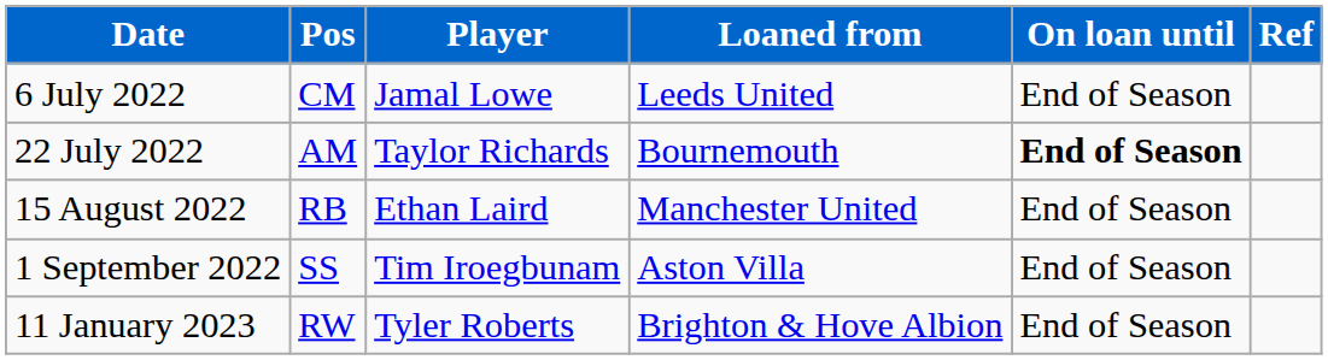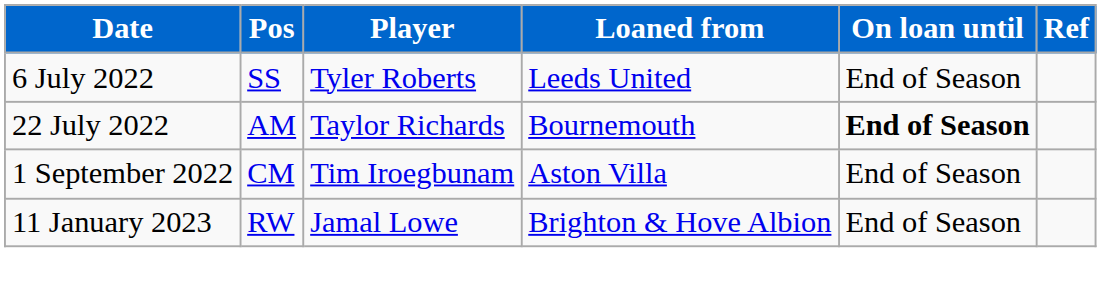 <table class="wikitable plainrowheaders sortable">
 <tr>
 <th style="background:#0066cc; color:#ffffff; ">Date</th>
 <th style="background:#0066cc; color:#ffffff; ">Pos</th>
 <th style="background:#0066cc; color:#ffffff; ">Player</th>
 <th style="background:#0066cc; color:#ffffff; ">Loaned from</th>
 <th style="background:#0066cc; color:#ffffff; ">On loan until</th>
 <th style="background:#0066cc; color:#ffffff; ">Ref</th>
 </tr>
 <tr>
 <td>6 July 2022</td>
-<td><a href='#'>CM</a></td>
-<td> <a href='#'>Jamal Lowe</a></td>
+<td><a href='#'>SS</a></td>
+<td> <a href='#'>Tyler Roberts</a></td>
 <td> <a href='#'>Leeds United</a></td>
 <td>End of Season</td>
 <td></td>
 </tr>
 <tr>
 <td>22 July 2022</td>
 <td><a href='#'>AM</a></td>
 <td> <a href='#'>Taylor Richards</a></td>
 <td> <a href='#'>Bournemouth</a></td>
 <td><strong>End of Season</strong></td>
 <td></td>
 </tr>
 <tr>
-<td>15 August 2022</td>
-<td><a href='#'>RB</a></td>
-<td> <a href='#'>Ethan Laird</a></td>
-<td> <a href='#'>Manchester United</a></td>
-<td>End of Season</td>
-<td></td>
-</tr>
-<tr>
 <td>1 September 2022</td>
-<td><a href='#'>SS</a></td>
+<td><a href='#'>CM</a></td>
 <td> <a href='#'>Tim Iroegbunam</a></td>
 <td> <a href='#'>Aston Villa</a></td>
 <td>End of Season</td>
 <td></td>
 </tr>
 <tr>
 <td>11 January 2023</td>
 <td><a href='#'>RW</a></td>
-<td> <a href='#'>Tyler Roberts</a></td>
+<td> <a href='#'>Jamal Lowe</a></td>
 <td> <a href='#'>Brighton & Hove Albion</a></td>
 <td>End of Season</td>
 <td></td>
 </tr>
 </table>
